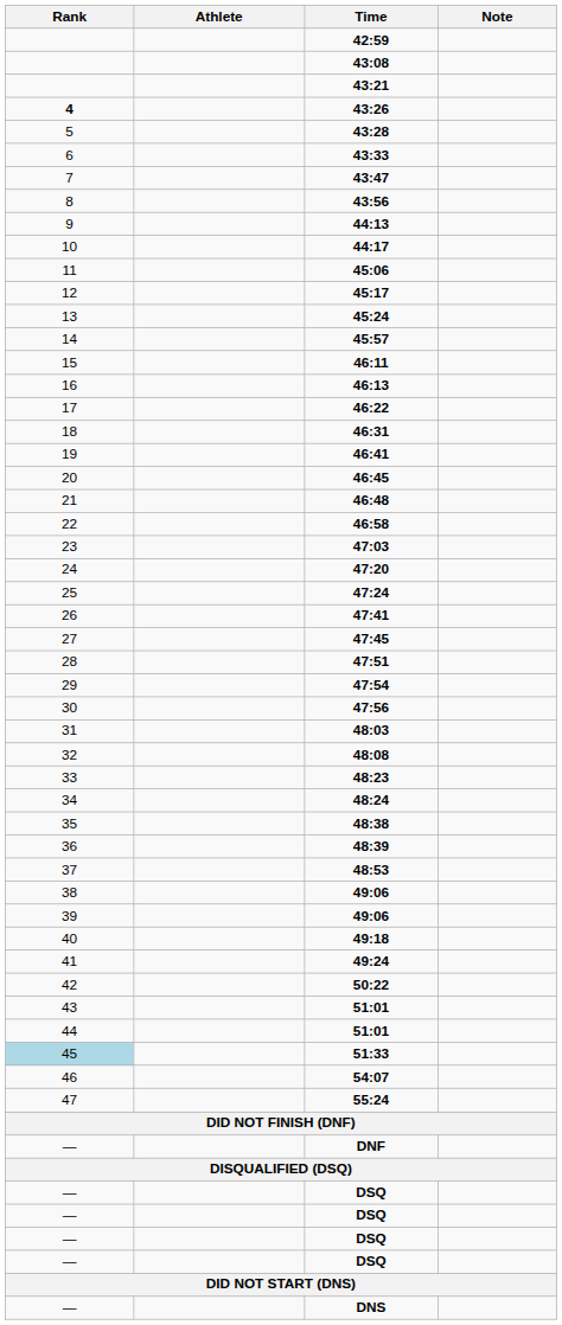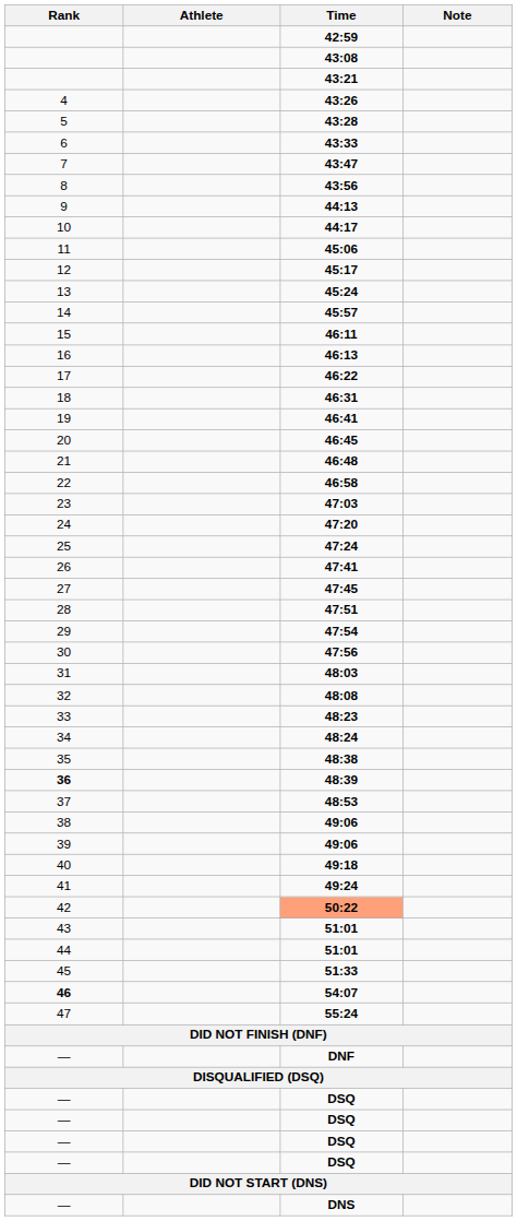 <table class="wikitable" style=" text-align:center; font-size:110%;" width="55%">
 <tr>
 <th>Rank</th>
 <th>Athlete</th>
 <th>Time</th>
 <th>Note</th>
 </tr>
 <tr>
 <td></td>
 <td align=left></td>
 <td><strong>42:59</strong></td>
 <td></td>
 </tr>
 <tr>
 <td></td>
 <td align=left></td>
 <td><strong>43:08</strong></td>
 <td></td>
 </tr>
 <tr>
 <td></td>
 <td align=left></td>
 <td><strong>43:21</strong></td>
 <td></td>
 </tr>
 <tr>
-<td><strong>4</strong></td>
+<td>4</td>
 <td align=left></td>
 <td><strong>43:26</strong></td>
 <td></td>
 </tr>
 <tr>
 <td>5</td>
 <td align=left></td>
 <td><strong>43:28</strong></td>
 <td></td>
 </tr>
 <tr>
 <td>6</td>
 <td align=left></td>
 <td><strong>43:33</strong></td>
 <td></td>
 </tr>
 <tr>
 <td>7</td>
 <td align=left></td>
 <td><strong>43:47</strong></td>
 <td></td>
 </tr>
 <tr>
 <td>8</td>
 <td align=left></td>
 <td><strong>43:56</strong></td>
 <td></td>
 </tr>
 <tr>
 <td>9</td>
 <td align=left></td>
 <td><strong>44:13</strong></td>
 <td></td>
 </tr>
 <tr>
 <td>10</td>
 <td align=left></td>
 <td><strong>44:17</strong></td>
 <td></td>
 </tr>
 <tr>
 <td>11</td>
 <td align=left></td>
 <td><strong>45:06</strong></td>
 <td></td>
 </tr>
 <tr>
 <td>12</td>
 <td align=left></td>
 <td><strong>45:17</strong></td>
 <td></td>
 </tr>
 <tr>
 <td>13</td>
 <td align=left></td>
 <td><strong>45:24</strong></td>
 <td></td>
 </tr>
 <tr>
 <td>14</td>
 <td align=left></td>
 <td><strong>45:57</strong></td>
 <td></td>
 </tr>
 <tr>
 <td>15</td>
 <td align=left></td>
 <td><strong>46:11</strong></td>
 <td></td>
 </tr>
 <tr>
 <td>16</td>
 <td align=left></td>
 <td><strong>46:13</strong></td>
 <td></td>
 </tr>
 <tr>
 <td>17</td>
 <td align=left></td>
 <td><strong>46:22</strong></td>
 <td></td>
 </tr>
 <tr>
 <td>18</td>
 <td align=left></td>
 <td><strong>46:31</strong></td>
 <td></td>
 </tr>
 <tr>
 <td>19</td>
 <td align=left></td>
 <td><strong>46:41</strong></td>
 <td></td>
 </tr>
 <tr>
 <td>20</td>
 <td align=left></td>
 <td><strong>46:45</strong></td>
 <td></td>
 </tr>
 <tr>
 <td>21</td>
 <td align=left></td>
 <td><strong>46:48</strong></td>
 <td></td>
 </tr>
 <tr>
 <td>22</td>
 <td align=left></td>
 <td><strong>46:58</strong></td>
 <td></td>
 </tr>
 <tr>
 <td>23</td>
 <td align=left></td>
 <td><strong>47:03</strong></td>
 <td></td>
 </tr>
 <tr>
 <td>24</td>
 <td align=left></td>
 <td><strong>47:20</strong></td>
 <td></td>
 </tr>
 <tr>
 <td>25</td>
 <td align=left></td>
 <td><strong>47:24</strong></td>
 <td></td>
 </tr>
 <tr>
 <td>26</td>
 <td align=left></td>
 <td><strong>47:41</strong></td>
 <td></td>
 </tr>
 <tr>
 <td>27</td>
 <td align=left></td>
 <td><strong>47:45</strong></td>
 <td></td>
 </tr>
 <tr>
 <td>28</td>
 <td align=left></td>
 <td><strong>47:51</strong></td>
 <td></td>
 </tr>
 <tr>
 <td>29</td>
 <td align=left></td>
 <td><strong>47:54</strong></td>
 <td></td>
 </tr>
 <tr>
 <td>30</td>
 <td align=left></td>
 <td><strong>47:56</strong></td>
 <td></td>
 </tr>
 <tr>
 <td>31</td>
 <td align=left></td>
 <td><strong>48:03</strong></td>
 <td></td>
 </tr>
 <tr>
 <td>32</td>
 <td align=left></td>
 <td><strong>48:08</strong></td>
 <td></td>
 </tr>
 <tr>
 <td>33</td>
 <td align=left></td>
 <td><strong>48:23</strong></td>
 <td></td>
 </tr>
 <tr>
 <td>34</td>
 <td align=left></td>
 <td><strong>48:24</strong></td>
 <td></td>
 </tr>
 <tr>
 <td>35</td>
 <td align=left></td>
 <td><strong>48:38</strong></td>
 <td></td>
 </tr>
 <tr>
-<td>36</td>
+<td><strong>36</strong></td>
 <td align=left></td>
 <td><strong>48:39</strong></td>
 <td></td>
 </tr>
 <tr>
 <td>37</td>
 <td align=left></td>
 <td><strong>48:53</strong></td>
 <td></td>
 </tr>
 <tr>
 <td>38</td>
 <td align=left></td>
 <td><strong>49:06</strong></td>
 <td></td>
 </tr>
 <tr>
 <td>39</td>
 <td align=left></td>
 <td><strong>49:06</strong></td>
 <td></td>
 </tr>
 <tr>
 <td>40</td>
 <td align=left></td>
 <td><strong>49:18</strong></td>
 <td></td>
 </tr>
 <tr>
 <td>41</td>
 <td align=left></td>
 <td><strong>49:24</strong></td>
 <td></td>
 </tr>
 <tr>
 <td>42</td>
 <td align=left></td>
-<td><strong>50:22</strong></td>
+<td style="background: lightsalmon;"><strong>50:22</strong></td>
 <td></td>
 </tr>
 <tr>
 <td>43</td>
 <td align=left></td>
 <td><strong>51:01</strong></td>
 <td></td>
 </tr>
 <tr>
 <td>44</td>
 <td align=left></td>
 <td><strong>51:01</strong></td>
 <td></td>
 </tr>
 <tr>
-<td style="background: lightblue;">45</td>
+<td>45</td>
 <td align=left></td>
 <td><strong>51:33</strong></td>
 <td></td>
 </tr>
 <tr>
-<td>46</td>
+<td><strong>46</strong></td>
 <td align=left></td>
 <td><strong>54:07</strong></td>
 <td></td>
 </tr>
 <tr>
 <td>47</td>
 <td align=left></td>
 <td><strong>55:24</strong></td>
 <td></td>
 </tr>
 <tr>
 <th colspan="4">DID NOT FINISH (DNF)</th>
 </tr>
 <tr>
 <td>—</td>
 <td align=left></td>
 <td><strong>DNF</strong></td>
 <td></td>
 </tr>
 <tr>
 <th colspan="4">DISQUALIFIED (DSQ)</th>
 </tr>
 <tr>
 <td>—</td>
 <td align=left></td>
 <td><strong>DSQ</strong></td>
 <td></td>
 </tr>
 <tr>
 <td>—</td>
 <td align=left></td>
 <td><strong>DSQ</strong></td>
 <td></td>
 </tr>
 <tr>
 <td>—</td>
 <td align=left></td>
 <td><strong>DSQ</strong></td>
 <td></td>
 </tr>
 <tr>
 <td>—</td>
 <td align=left></td>
 <td><strong>DSQ</strong></td>
 <td></td>
 </tr>
 <tr>
 <th colspan="4">DID NOT START (DNS)</th>
 </tr>
 <tr>
 <td>—</td>
 <td align=left></td>
 <td><strong>DNS</strong></td>
 <td></td>
 </tr>
 </table>
